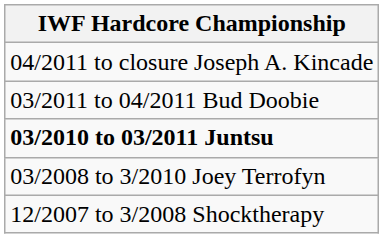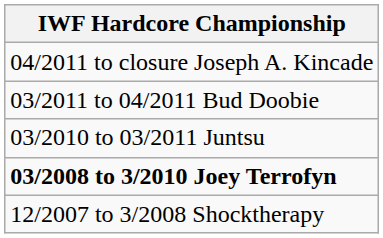 <table class="wikitable" border="1">
 <tr>
 <th><strong>IWF Hardcore Championship</strong></th>
 </tr>
 <tr>
 <td>04/2011 to closure Joseph A. Kincade</td>
 </tr>
 <tr>
 <td>03/2011 to 04/2011 Bud Doobie</td>
 </tr>
 <tr>
-<td><strong>03/2010 to 03/2011 Juntsu</strong></td>
+<td>03/2010 to 03/2011 Juntsu</td>
 </tr>
 <tr>
-<td>03/2008 to 3/2010 Joey Terrofyn</td>
+<td><strong>03/2008 to 3/2010 Joey Terrofyn</strong></td>
 </tr>
 <tr>
 <td>12/2007 to 3/2008 Shocktherapy</td>
 </tr>
 </table>
